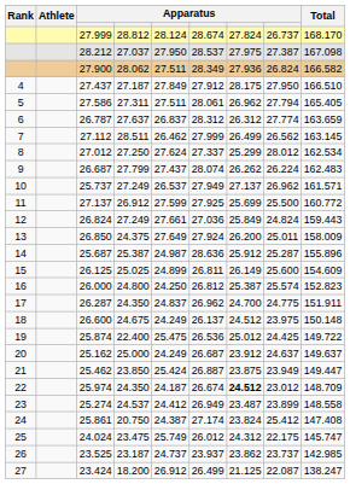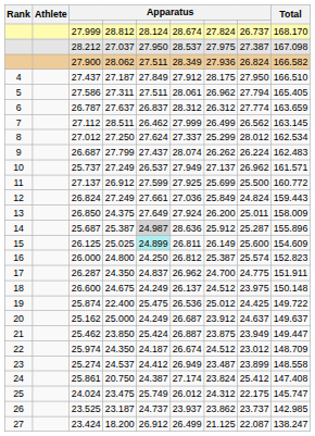 <table class="wikitable" style="font-size:90%">
 <tr>
 <th rowspan=2>Rank</th>
 <th rowspan=2>Athlete</th>
 <th colspan =6>Apparatus</th>
 <th rowspan=2>Total</th>
 </tr>
 <tr style="font-size:95%">
 <th></th>
 <th></th>
 <th></th>
 <th></th>
 <th></th>
 <th></th>
 </tr>
 <tr align=center bgcolor=fffcaf>
 <td></td>
 <td align=left>  </td>
 <td>27.999</td>
 <td>28.812</td>
 <td>28.124</td>
 <td>28.674</td>
 <td>27.824</td>
 <td>26.737</td>
 <td>168.170</td>
 </tr>
 <tr align=center bgcolor=e5e5e5>
 <td></td>
 <td align=left></td>
 <td>28.212</td>
 <td>27.037</td>
 <td>27.950</td>
 <td>28.537</td>
 <td>27.975</td>
 <td>27.387</td>
 <td>167.098</td>
 </tr>
 <tr align=center bgcolor=eecc99>
 <td></td>
 <td align=left></td>
 <td>27.900</td>
 <td>28.062</td>
 <td>27.511</td>
 <td>28.349</td>
 <td>27.936</td>
 <td>26.824</td>
 <td>166.582</td>
 </tr>
 <tr align=center>
 <td>4</td>
 <td align=left></td>
 <td>27.437</td>
 <td>27.187</td>
 <td>27.849</td>
 <td>27.912</td>
 <td>28.175</td>
 <td>27.950</td>
 <td>166.510</td>
 </tr>
 <tr align=center>
 <td>5</td>
 <td align=left></td>
 <td>27.586</td>
 <td>27.311</td>
 <td>27.511</td>
 <td>28.061</td>
 <td>26.962</td>
 <td>27.794</td>
 <td>165.405</td>
 </tr>
 <tr align=center>
 <td>6</td>
 <td align=left></td>
 <td>26.787</td>
 <td>27.637</td>
 <td>26.837</td>
 <td>28.312</td>
 <td>26.312</td>
 <td>27.774</td>
 <td>163.659</td>
 </tr>
 <tr align=center>
 <td>7</td>
 <td align=left></td>
 <td>27.112</td>
 <td>28.511</td>
 <td>26.462</td>
 <td>27.999</td>
 <td>26.499</td>
 <td>26.562</td>
 <td>163.145</td>
 </tr>
 <tr align=center>
 <td>8</td>
 <td align=left></td>
 <td>27.012</td>
 <td>27.250</td>
 <td>27.624</td>
 <td>27.337</td>
 <td>25.299</td>
 <td>28.012</td>
 <td>162.534</td>
 </tr>
 <tr align=center>
 <td>9</td>
 <td align=left></td>
 <td>26.687</td>
 <td>27.799</td>
 <td>27.437</td>
 <td>28.074</td>
 <td>26.262</td>
 <td>26.224</td>
 <td>162.483</td>
 </tr>
 <tr align=center>
 <td>10</td>
 <td align=left></td>
 <td>25.737</td>
 <td>27.249</td>
 <td>26.537</td>
 <td>27.949</td>
 <td>27.137</td>
 <td>26.962</td>
 <td>161.571</td>
 </tr>
 <tr align=center>
 <td>11</td>
 <td align=left></td>
 <td>27.137</td>
 <td>26.912</td>
 <td>27.599</td>
 <td>27.925</td>
 <td>25.699</td>
 <td>25.500</td>
 <td>160.772</td>
 </tr>
 <tr align=center>
 <td>12</td>
 <td align=left></td>
 <td>26.824</td>
 <td>27.249</td>
 <td>27.661</td>
 <td>27.036</td>
 <td>25.849</td>
 <td>24.824</td>
 <td>159.443</td>
 </tr>
 <tr align=center>
 <td>13</td>
 <td align=left></td>
 <td>26.850</td>
 <td>24.375</td>
 <td>27.649</td>
 <td>27.924</td>
 <td>26.200</td>
 <td>25.011</td>
 <td>158.009</td>
 </tr>
 <tr align=center>
 <td>14</td>
 <td align=left></td>
 <td>25.687</td>
 <td>25.387</td>
-<td>24.987</td>
+<td style="background: lightgrey;">24.987</td>
 <td>28.636</td>
 <td>25.912</td>
 <td>25.287</td>
 <td>155.896</td>
 </tr>
 <tr align=center>
 <td>15</td>
 <td align=left></td>
 <td>26.125</td>
 <td>25.025</td>
-<td>24.899</td>
+<td style="background: paleturquoise;">24.899</td>
 <td>26.811</td>
 <td>26.149</td>
 <td>25.600</td>
 <td>154.609</td>
 </tr>
 <tr align=center>
 <td>16</td>
 <td align=left></td>
 <td>26.000</td>
 <td>24.800</td>
 <td>24.250</td>
 <td>26.812</td>
 <td>25.387</td>
 <td>25.574</td>
 <td>152.823</td>
 </tr>
 <tr align=center>
 <td>17</td>
 <td align=left></td>
 <td>26.287</td>
 <td>24.350</td>
 <td>24.837</td>
 <td>26.962</td>
 <td>24.700</td>
 <td>24.775</td>
 <td>151.911</td>
 </tr>
 <tr align=center>
 <td>18</td>
 <td align=left></td>
 <td>26.600</td>
 <td>24.675</td>
 <td>24.249</td>
 <td>26.137</td>
 <td>24.512</td>
 <td>23.975</td>
 <td>150.148</td>
 </tr>
 <tr align=center>
 <td>19</td>
 <td align=left></td>
 <td>25.874</td>
 <td>22.400</td>
 <td>25.475</td>
 <td>26.536</td>
 <td>25.012</td>
 <td>24.425</td>
 <td>149.722</td>
 </tr>
 <tr align=center>
 <td>20</td>
 <td align=left></td>
 <td>25.162</td>
 <td>25.000</td>
 <td>24.249</td>
 <td>26.687</td>
 <td>23.912</td>
 <td>24.637</td>
 <td>149.637</td>
 </tr>
 <tr align=center>
 <td>21</td>
 <td align=left></td>
 <td>25.462</td>
 <td>23.850</td>
 <td>25.424</td>
 <td>26.887</td>
 <td>23.875</td>
 <td>23.949</td>
 <td>149.447</td>
 </tr>
 <tr align=center>
 <td>22</td>
 <td align=left></td>
 <td>25.974</td>
 <td>24.350</td>
 <td>24.187</td>
 <td>26.674</td>
-<td><strong>24.512</strong></td>
+<td>24.512</td>
 <td>23.012</td>
 <td>148.709</td>
 </tr>
 <tr align=center>
 <td>23</td>
 <td align=left></td>
 <td>25.274</td>
 <td>24.537</td>
 <td>24.412</td>
 <td>26.949</td>
 <td>23.487</td>
 <td>23.899</td>
 <td>148.558</td>
 </tr>
 <tr align=center>
 <td>24</td>
 <td align=left></td>
 <td>25.861</td>
 <td>20.750</td>
 <td>24.387</td>
 <td>27.174</td>
 <td>23.824</td>
 <td>25.412</td>
 <td>147.408</td>
 </tr>
 <tr align=center>
 <td>25</td>
 <td align=left></td>
 <td>24.024</td>
 <td>23.475</td>
 <td>25.749</td>
 <td>26.012</td>
 <td>24.312</td>
 <td>22.175</td>
 <td>145.747</td>
 </tr>
 <tr align=center>
 <td>26</td>
 <td align=left></td>
 <td>23.525</td>
 <td>23.187</td>
 <td>24.737</td>
 <td>23.937</td>
 <td>23.862</td>
 <td>23.737</td>
 <td>142.985</td>
 </tr>
 <tr align=center>
 <td>27</td>
 <td align=left></td>
 <td>23.424</td>
 <td>18.200</td>
 <td>26.912</td>
 <td>26.499</td>
 <td>21.125</td>
 <td>22.087</td>
 <td>138.247</td>
 </tr>
 </table>
